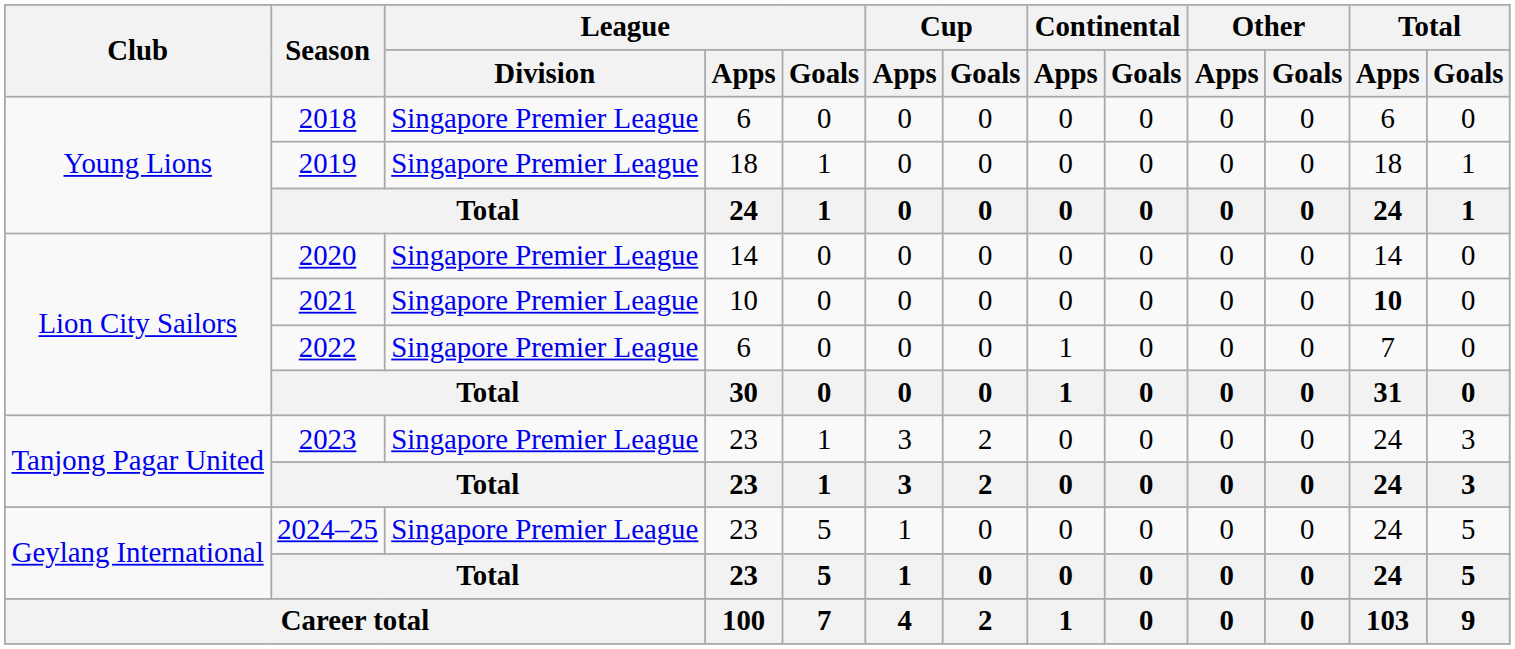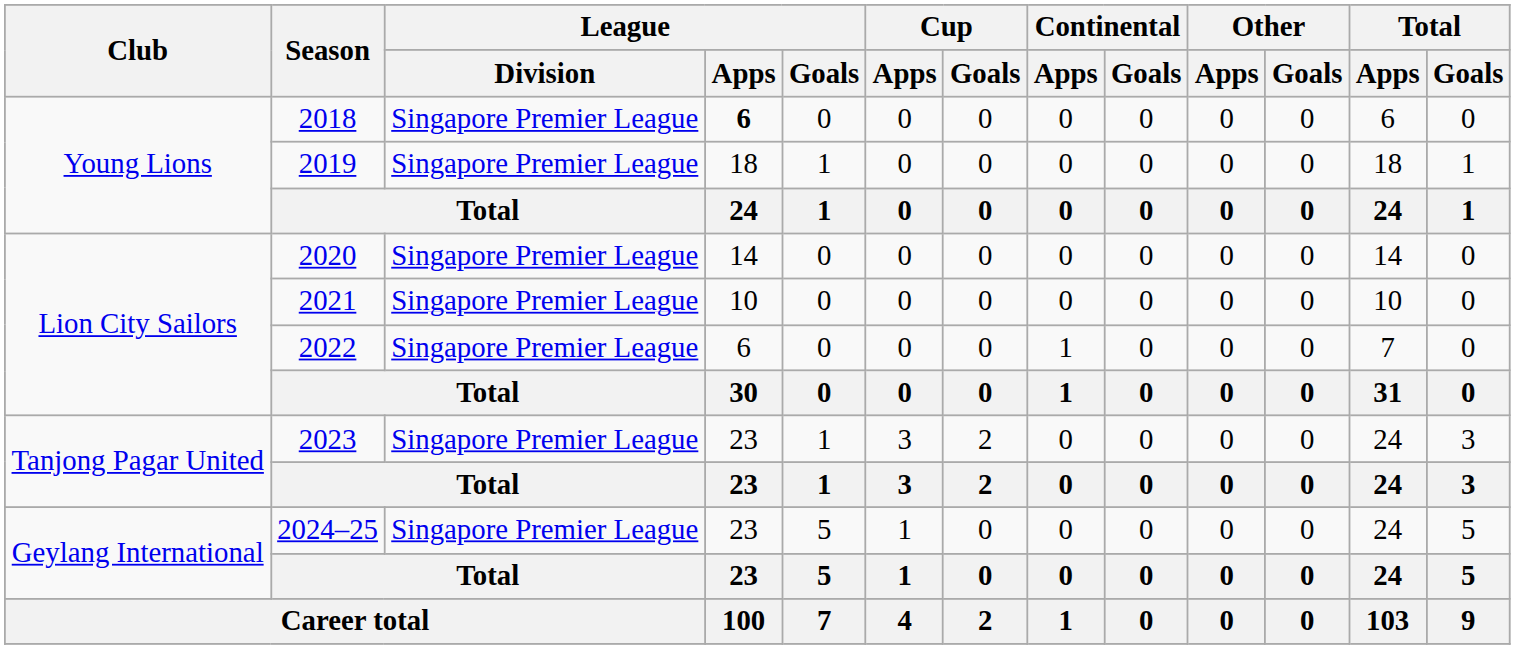 <table class="wikitable" style="text-align: center">
 <tr>
 <th rowspan="2">Club</th>
 <th rowspan="2">Season</th>
 <th colspan="3">League</th>
 <th colspan="2">Cup</th>
 <th colspan="2">Continental</th>
 <th colspan="2">Other</th>
 <th colspan="2">Total</th>
 </tr>
 <tr>
 <th>Division</th>
 <th>Apps</th>
 <th>Goals</th>
 <th>Apps</th>
 <th>Goals</th>
 <th>Apps</th>
 <th>Goals</th>
 <th>Apps</th>
 <th>Goals</th>
 <th>Apps</th>
 <th>Goals</th>
 </tr>
 <tr>
 <td rowspan="3"><a href='#'>Young Lions</a></td>
 <td><a href='#'>2018</a></td>
 <td><a href='#'>Singapore Premier League</a></td>
-<td>6</td>
+<td><strong>6</strong></td>
 <td>0</td>
 <td>0</td>
 <td>0</td>
 <td>0</td>
 <td>0</td>
 <td>0</td>
 <td>0</td>
 <td>6</td>
 <td>0</td>
 </tr>
 <tr>
 <td><a href='#'>2019</a></td>
 <td><a href='#'>Singapore Premier League</a></td>
 <td>18</td>
 <td>1</td>
 <td>0</td>
 <td>0</td>
 <td>0</td>
 <td>0</td>
 <td>0</td>
 <td>0</td>
 <td>18</td>
 <td>1</td>
 </tr>
 <tr>
 <th colspan="2">Total</th>
 <th>24</th>
 <th>1</th>
 <th>0</th>
 <th>0</th>
 <th>0</th>
 <th>0</th>
 <th>0</th>
 <th>0</th>
 <th>24</th>
 <th>1</th>
 </tr>
 <tr>
 <td rowspan="4"><a href='#'>Lion City Sailors</a></td>
 <td><a href='#'>2020</a></td>
 <td><a href='#'>Singapore Premier League</a></td>
 <td>14</td>
 <td>0</td>
 <td>0</td>
 <td>0</td>
 <td>0</td>
 <td>0</td>
 <td>0</td>
 <td>0</td>
 <td>14</td>
 <td>0</td>
 </tr>
 <tr>
 <td><a href='#'>2021</a></td>
 <td><a href='#'>Singapore Premier League</a></td>
 <td>10</td>
 <td>0</td>
 <td>0</td>
 <td>0</td>
 <td>0</td>
 <td>0</td>
 <td>0</td>
 <td>0</td>
-<td><strong>10</strong></td>
+<td>10</td>
 <td>0</td>
 </tr>
 <tr>
 <td><a href='#'>2022</a></td>
 <td><a href='#'>Singapore Premier League</a></td>
 <td>6</td>
 <td>0</td>
 <td>0</td>
 <td>0</td>
 <td>1</td>
 <td>0</td>
 <td>0</td>
 <td>0</td>
 <td>7</td>
 <td>0</td>
 </tr>
 <tr>
 <th colspan="2">Total</th>
 <th>30</th>
 <th>0</th>
 <th>0</th>
 <th>0</th>
 <th>1</th>
 <th>0</th>
 <th>0</th>
 <th>0</th>
 <th>31</th>
 <th>0</th>
 </tr>
 <tr>
 <td rowspan="2"><a href='#'>Tanjong Pagar United</a></td>
 <td><a href='#'>2023</a></td>
 <td><a href='#'>Singapore Premier League</a></td>
 <td>23</td>
 <td>1</td>
 <td>3</td>
 <td>2</td>
 <td>0</td>
 <td>0</td>
 <td>0</td>
 <td>0</td>
 <td>24</td>
 <td>3</td>
 </tr>
 <tr>
 <th colspan="2">Total</th>
 <th>23</th>
 <th>1</th>
 <th>3</th>
 <th>2</th>
 <th>0</th>
 <th>0</th>
 <th>0</th>
 <th>0</th>
 <th>24</th>
 <th>3</th>
 </tr>
 <tr>
 <td rowspan="2"><a href='#'>Geylang International</a></td>
 <td><a href='#'>2024–25</a></td>
 <td><a href='#'>Singapore Premier League</a></td>
 <td>23</td>
 <td>5</td>
 <td>1</td>
 <td>0</td>
 <td>0</td>
 <td>0</td>
 <td>0</td>
 <td>0</td>
 <td>24</td>
 <td>5</td>
 </tr>
 <tr>
 <th colspan="2">Total</th>
 <th>23</th>
 <th>5</th>
 <th>1</th>
 <th>0</th>
 <th>0</th>
 <th>0</th>
 <th>0</th>
 <th>0</th>
 <th>24</th>
 <th>5</th>
 </tr>
 <tr>
 <th colspan="3">Career total</th>
 <th>100</th>
 <th>7</th>
 <th>4</th>
 <th>2</th>
 <th>1</th>
 <th>0</th>
 <th>0</th>
 <th>0</th>
 <th>103</th>
 <th>9</th>
 </tr>
 </table>
